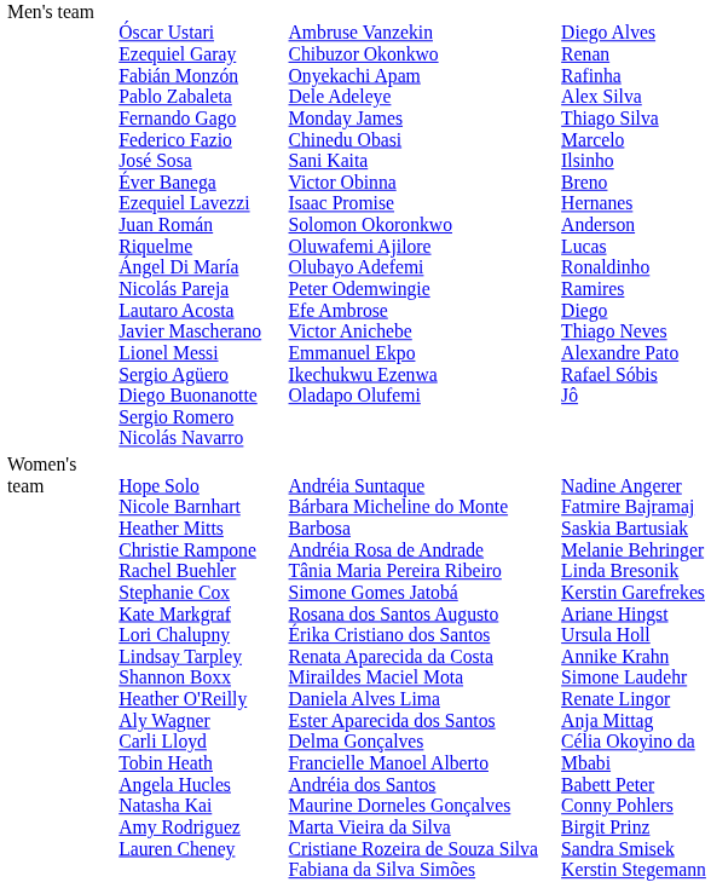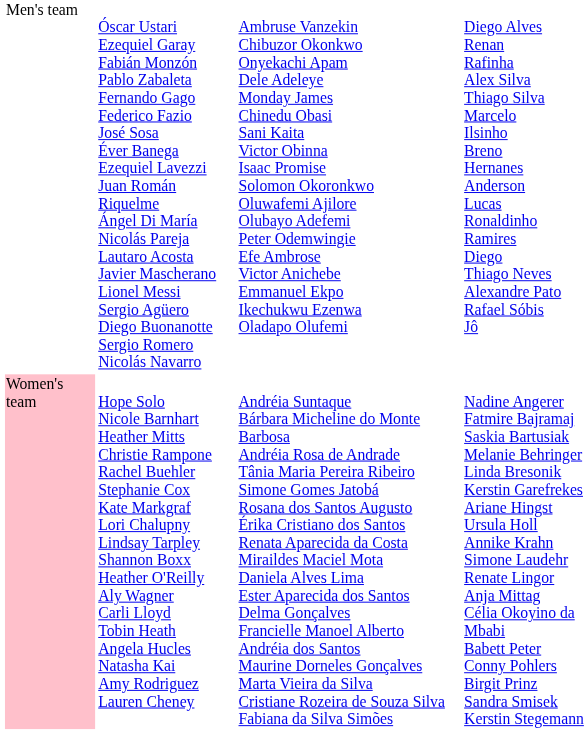 <table>
 <tr valign="top">
 <td>Men's team<br></td>
 <td><br><a href='#'>Óscar Ustari</a><br><a href='#'>Ezequiel Garay</a><br><a href='#'>Fabián Monzón</a><br><a href='#'>Pablo Zabaleta</a><br><a href='#'>Fernando Gago</a><br><a href='#'>Federico Fazio</a><br><a href='#'>José Sosa</a><br><a href='#'>Éver Banega</a><br><a href='#'>Ezequiel Lavezzi</a><br><a href='#'>Juan Román Riquelme</a><br><a href='#'>Ángel Di María</a><br><a href='#'>Nicolás Pareja</a><br><a href='#'>Lautaro Acosta</a><br><a href='#'>Javier Mascherano</a><br><a href='#'>Lionel Messi</a><br><a href='#'>Sergio Agüero</a><br><a href='#'>Diego Buonanotte</a><br><a href='#'>Sergio Romero</a><br><a href='#'>Nicolás Navarro</a></td>
 <td><br><a href='#'>Ambruse Vanzekin</a><br><a href='#'>Chibuzor Okonkwo</a><br><a href='#'>Onyekachi Apam</a><br><a href='#'>Dele Adeleye</a><br><a href='#'>Monday James</a><br><a href='#'>Chinedu Obasi</a><br><a href='#'>Sani Kaita</a><br><a href='#'>Victor Obinna</a><br><a href='#'>Isaac Promise</a><br><a href='#'>Solomon Okoronkwo</a><br><a href='#'>Oluwafemi Ajilore</a><br><a href='#'>Olubayo Adefemi</a><br><a href='#'>Peter Odemwingie</a><br><a href='#'>Efe Ambrose</a><br><a href='#'>Victor Anichebe</a><br><a href='#'>Emmanuel Ekpo</a><br><a href='#'>Ikechukwu Ezenwa</a><br><a href='#'>Oladapo Olufemi</a></td>
 <td><br><a href='#'>Diego Alves</a><br><a href='#'>Renan</a><br><a href='#'>Rafinha</a><br><a href='#'>Alex Silva</a><br><a href='#'>Thiago Silva</a><br><a href='#'>Marcelo</a><br><a href='#'>Ilsinho</a><br><a href='#'>Breno</a><br><a href='#'>Hernanes</a><br><a href='#'>Anderson</a><br><a href='#'>Lucas</a><br><a href='#'>Ronaldinho</a><br><a href='#'>Ramires</a><br><a href='#'>Diego</a><br><a href='#'>Thiago Neves</a><br><a href='#'>Alexandre Pato</a><br><a href='#'>Rafael Sóbis</a><br><a href='#'>Jô</a></td>
 </tr>
 <tr valign="top">
-<td>Women's team<br></td>
+<td style="background: pink;">Women's team<br></td>
 <td><br><a href='#'>Hope Solo</a><br><a href='#'>Nicole Barnhart</a><br><a href='#'>Heather Mitts</a><br><a href='#'>Christie Rampone</a><br><a href='#'>Rachel Buehler</a><br><a href='#'>Stephanie Cox</a><br><a href='#'>Kate Markgraf</a><br><a href='#'>Lori Chalupny</a><br><a href='#'>Lindsay Tarpley</a><br><a href='#'>Shannon Boxx</a><br><a href='#'>Heather O'Reilly</a><br><a href='#'>Aly Wagner</a><br><a href='#'>Carli Lloyd</a><br><a href='#'>Tobin Heath</a><br><a href='#'>Angela Hucles</a><br><a href='#'>Natasha Kai</a><br><a href='#'>Amy Rodriguez</a><br><a href='#'>Lauren Cheney</a></td>
 <td><br><a href='#'>Andréia Suntaque</a><br><a href='#'>Bárbara Micheline do Monte Barbosa</a><br><a href='#'>Andréia Rosa de Andrade</a><br><a href='#'>Tânia Maria Pereira Ribeiro</a><br><a href='#'>Simone Gomes Jatobá</a><br><a href='#'>Rosana dos Santos Augusto</a><br><a href='#'>Érika Cristiano dos Santos</a><br><a href='#'>Renata Aparecida da Costa</a><br><a href='#'>Miraildes Maciel Mota</a><br><a href='#'>Daniela Alves Lima</a><br><a href='#'>Ester Aparecida dos Santos</a><br><a href='#'>Delma Gonçalves</a><br><a href='#'>Francielle Manoel Alberto</a><br><a href='#'>Andréia dos Santos</a><br><a href='#'>Maurine Dorneles Gonçalves</a><br><a href='#'>Marta Vieira da Silva</a><br><a href='#'>Cristiane Rozeira de Souza Silva</a><br><a href='#'>Fabiana da Silva Simões</a></td>
 <td><br><a href='#'>Nadine Angerer</a><br><a href='#'>Fatmire Bajramaj</a><br><a href='#'>Saskia Bartusiak</a><br><a href='#'>Melanie Behringer</a><br><a href='#'>Linda Bresonik</a><br><a href='#'>Kerstin Garefrekes</a><br><a href='#'>Ariane Hingst</a><br><a href='#'>Ursula Holl</a><br><a href='#'>Annike Krahn</a><br><a href='#'>Simone Laudehr</a><br><a href='#'>Renate Lingor</a><br><a href='#'>Anja Mittag</a><br><a href='#'>Célia Okoyino da Mbabi</a><br><a href='#'>Babett Peter</a><br> <a href='#'>Conny Pohlers</a><br><a href='#'>Birgit Prinz</a><br><a href='#'>Sandra Smisek</a><br><a href='#'>Kerstin Stegemann</a></td>
 </tr>
 </table>
